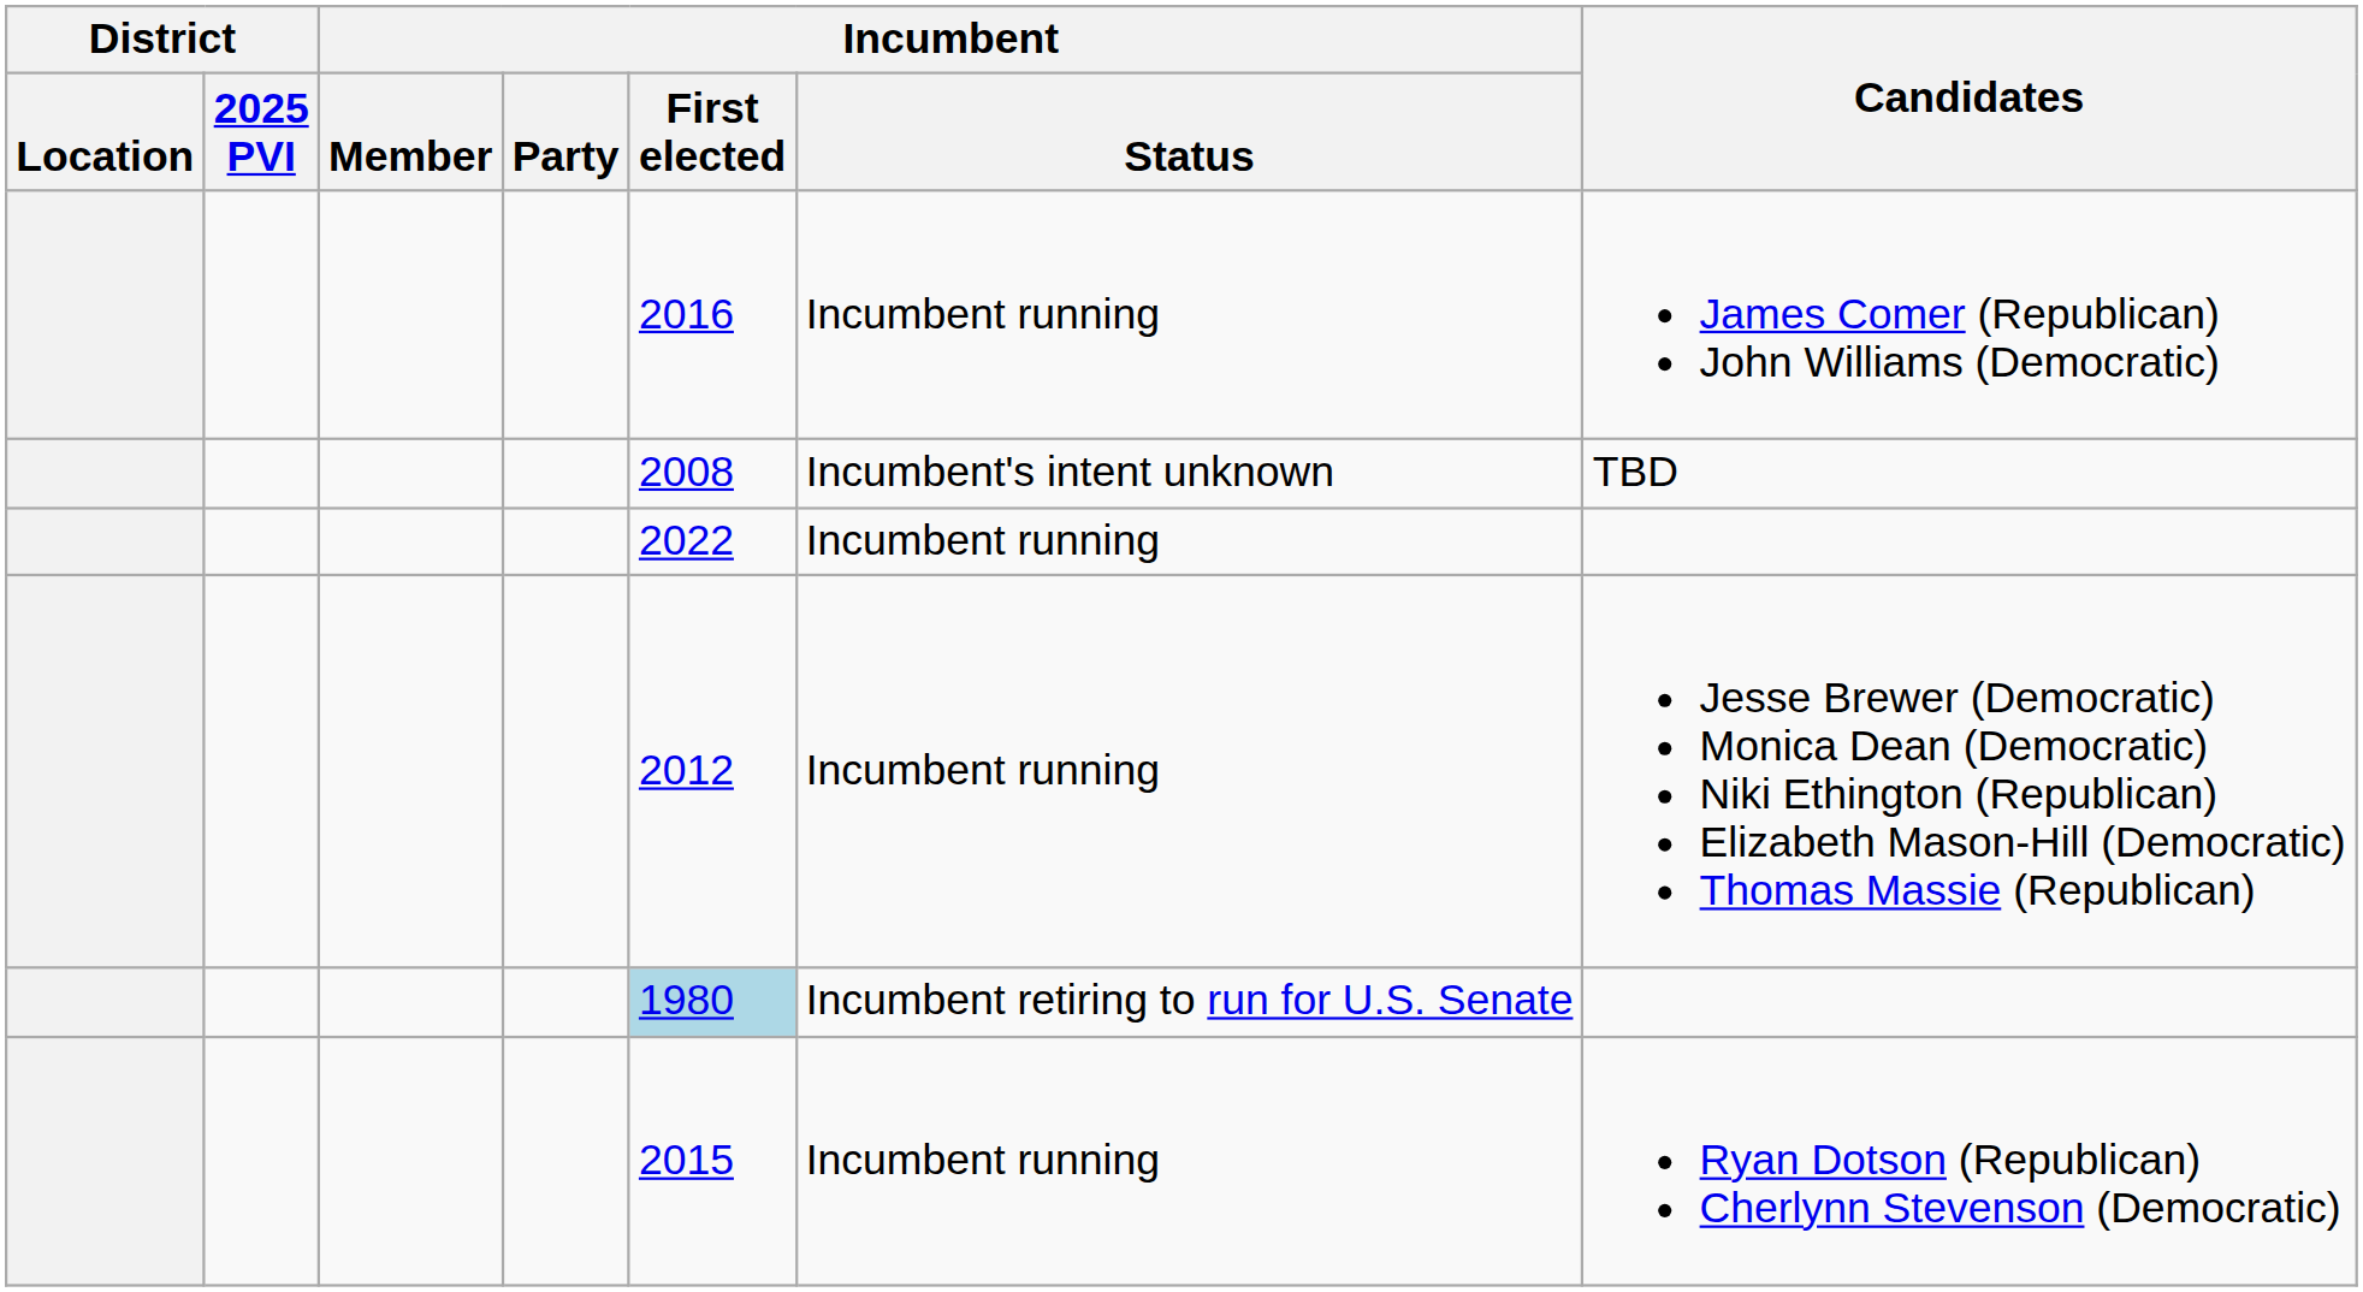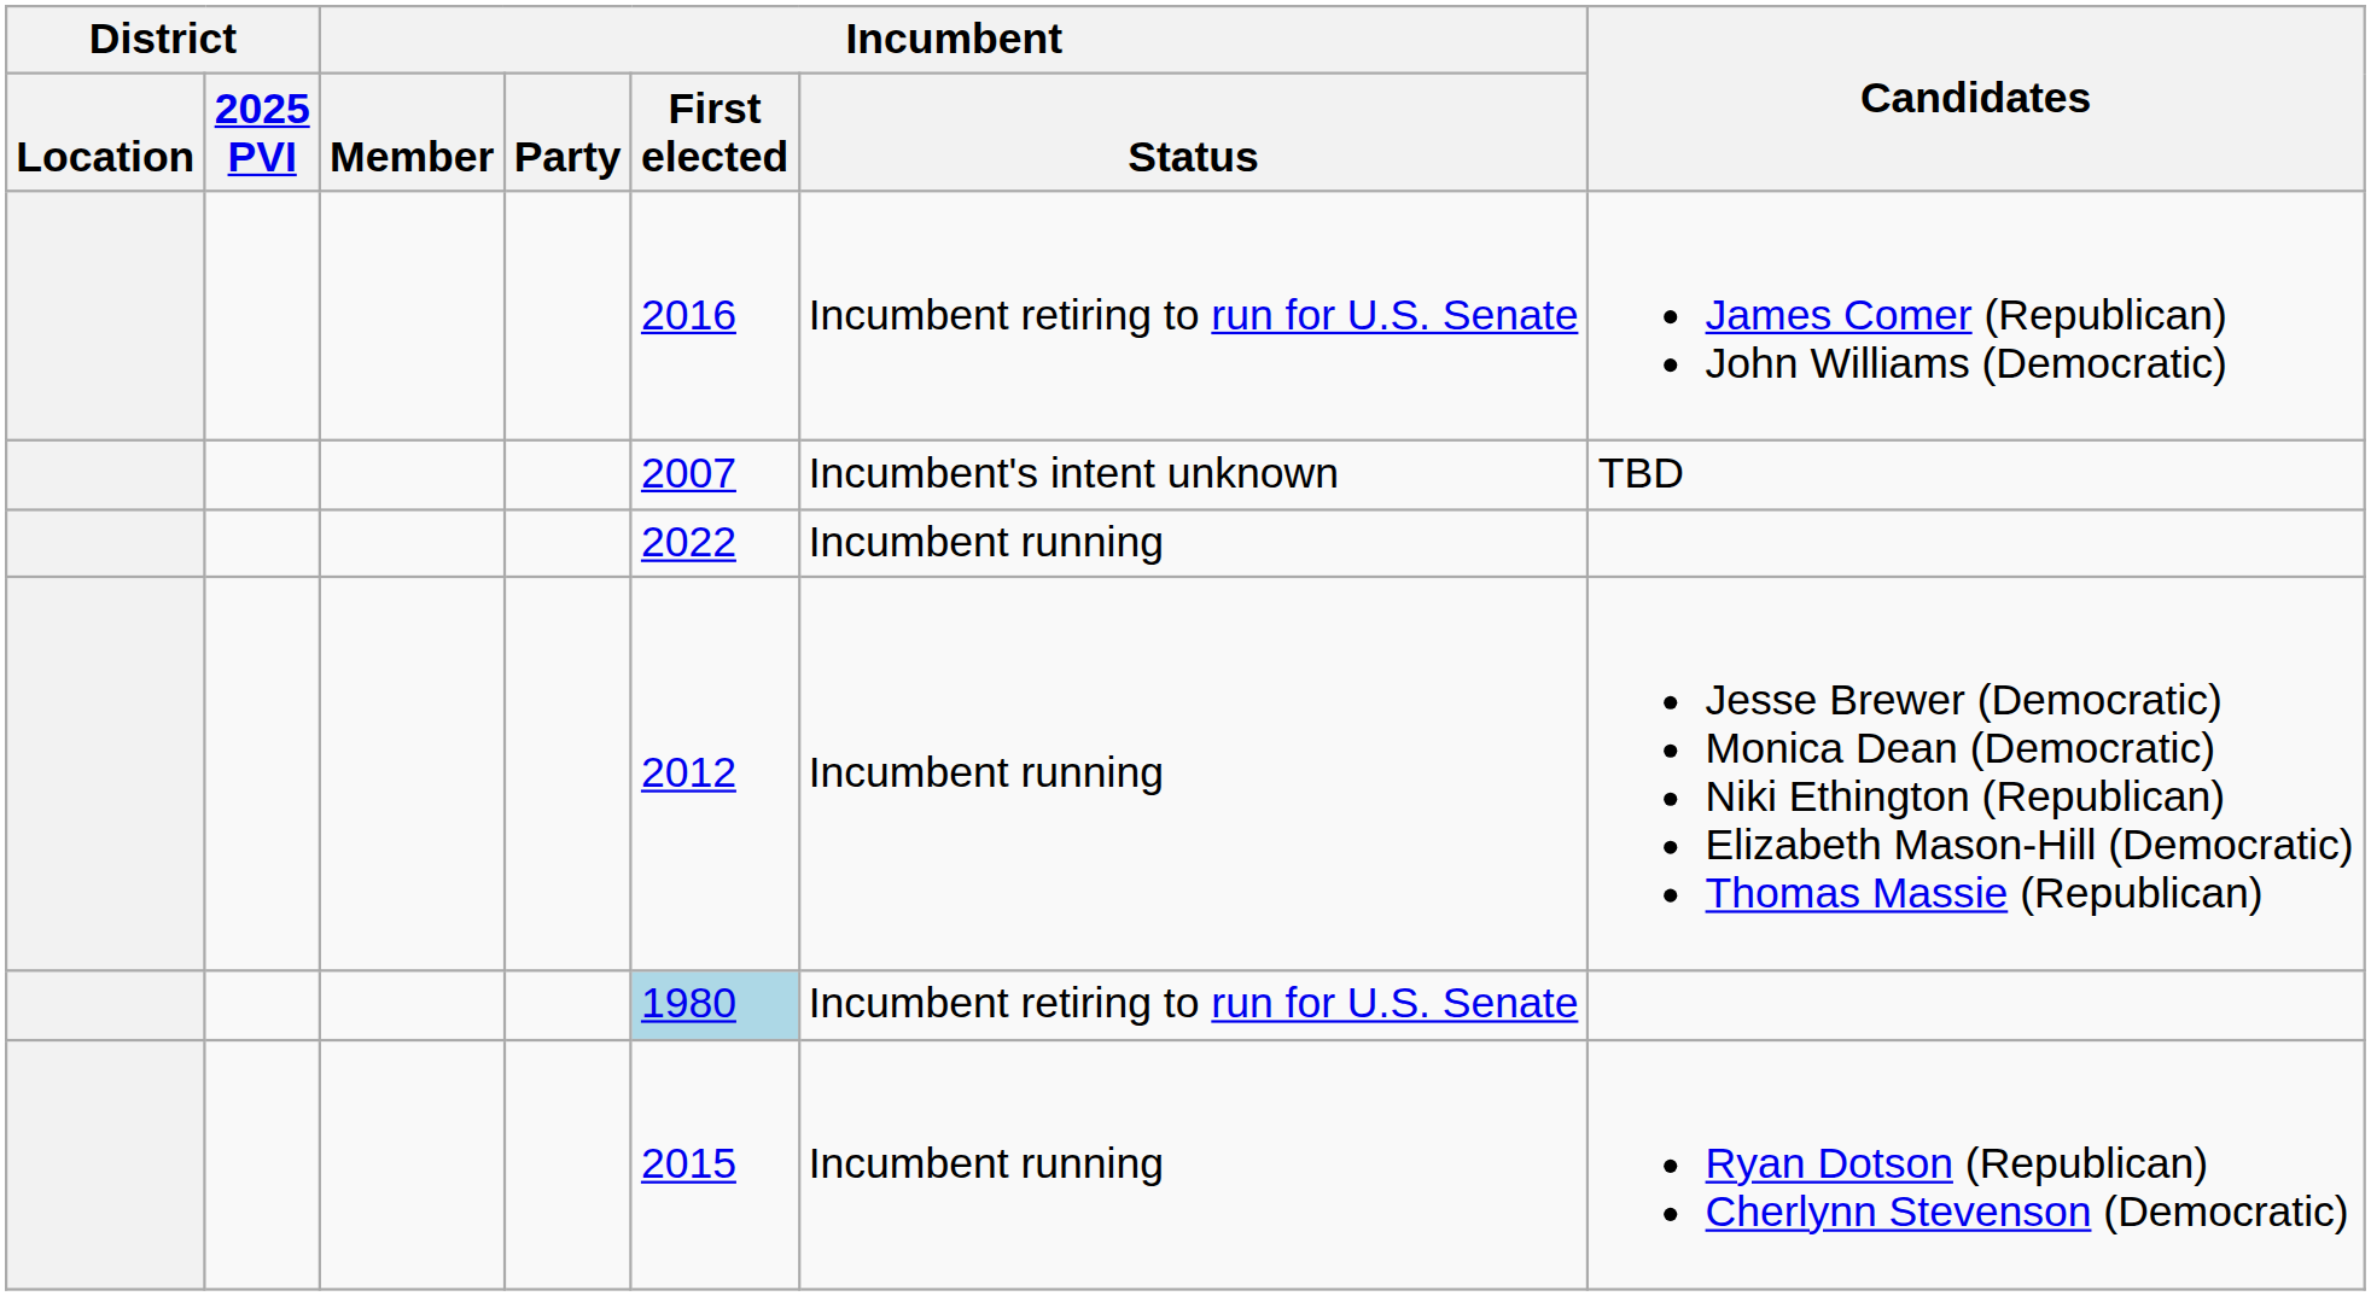 <table class="wikitable sortable">
 <tr>
 <th colspan=2>District</th>
 <th colspan=4>Incumbent</th>
 <th rowspan=2 class="unsortable">Candidates</th>
 </tr>
 <tr valign=bottom>
 <th>Location</th>
 <th><a href='#'>2025<br>PVI</a></th>
 <th>Member</th>
 <th>Party</th>
 <th>First<br>elected</th>
 <th>Status</th>
 </tr>
 <tr>
 <th></th>
 <td></td>
 <td></td>
 <td></td>
 <td><a href='#'>2016 </a></td>
-<td>Incumbent running</td>
+<td>Incumbent retiring to <a href='#'>run for U.S. Senate</a></td>
 <td nowrap><br><ul><li><a href='#'>James Comer</a> (Republican)</li><li>John Williams (Democratic)</li></ul></td>
 </tr>
 <tr>
 <th></th>
 <td></td>
 <td></td>
 <td></td>
-<td><a href='#'>2008</a></td>
+<td><a href='#'>2007</a></td>
 <td>Incumbent's intent unknown</td>
 <td>TBD</td>
 </tr>
 <tr>
 <th></th>
 <td></td>
 <td></td>
 <td></td>
 <td><a href='#'>2022</a></td>
 <td>Incumbent running</td>
 <td></td>
 </tr>
 <tr>
 <th></th>
 <td></td>
 <td></td>
 <td></td>
 <td><a href='#'>2012 </a></td>
 <td>Incumbent running</td>
 <td nowrap><br><ul><li>Jesse Brewer (Democratic)</li><li>Monica Dean (Democratic)</li><li>Niki Ethington (Republican)</li><li>Elizabeth Mason-Hill (Democratic)</li><li><a href='#'>Thomas Massie</a> (Republican)</li></ul></td>
 </tr>
 <tr>
 <th></th>
 <td></td>
 <td></td>
 <td></td>
 <td style="background: lightblue;"><a href='#'>1980</a></td>
 <td>Incumbent retiring to <a href='#'>run for U.S. Senate</a></td>
 <td></td>
 </tr>
 <tr>
 <th></th>
 <td></td>
 <td></td>
 <td></td>
 <td><a href='#'>2015</a></td>
 <td>Incumbent running</td>
 <td nowrap><br><ul><li><a href='#'>Ryan Dotson</a> (Republican)</li><li><a href='#'>Cherlynn Stevenson</a> (Democratic)</li></ul></td>
 </tr>
 </table>
